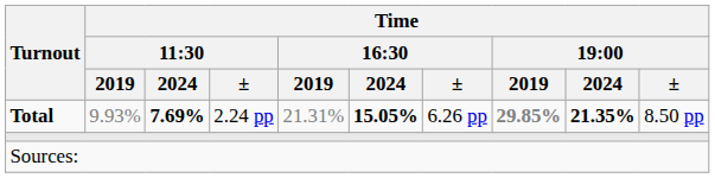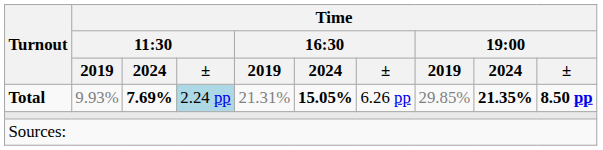 <table class="wikitable sortable" style="text-align:right;">
 <tr>
 <th rowspan="3">Turnout</th>
 <th colspan="9">Time</th>
 </tr>
 <tr>
 <th colspan="3">11:30</th>
 <th colspan="3">16:30</th>
 <th colspan="3">19:00</th>
 </tr>
 <tr>
 <th>2019</th>
 <th>2024</th>
 <th>±</th>
 <th>2019</th>
 <th>2024</th>
 <th>±</th>
 <th>2019</th>
 <th>2024</th>
 <th>±</th>
 </tr>
 <tr>
 <td align="left"><strong>Total</strong></td>
 <td style="color:gray;">9.93%</td>
 <td><strong>7.69%</strong></td>
-<td> 2.24 <a href='#'>pp</a></td>
+<td style="background: lightblue;"> 2.24 <a href='#'>pp</a></td>
 <td style="color:gray;">21.31%</td>
 <td><strong>15.05%</strong></td>
 <td> 6.26 <a href='#'>pp</a></td>
-<td style="color:gray;"><strong>29.85%</strong></td>
+<td style="color:gray;">29.85%</td>
 <td><strong>21.35%</strong></td>
-<td> 8.50 <a href='#'>pp</a></td>
+<td><strong> 8.50 <a href='#'>pp</a></strong></td>
 </tr>
 <tr>
 <td colspan="10" bgcolor="#E9E9E9"></td>
 </tr>
 <tr>
 <td align="left" colspan="10">Sources: </td>
 </tr>
 </table>
